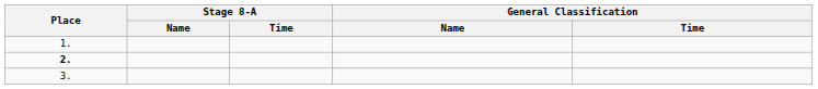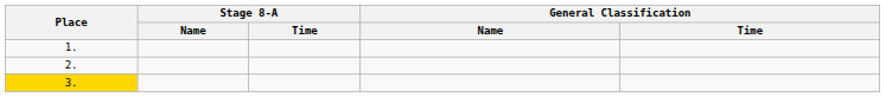 <table class="wikitable"  style="font-size:95%; width:80%;">
 <tr>
 <th rowspan="2">Place</th>
 <th colspan="2">Stage 8-A</th>
 <th colspan="2">General Classification</th>
 </tr>
 <tr>
 <th>Name</th>
 <th>Time</th>
 <th>Name</th>
 <th>Time</th>
 </tr>
 <tr>
 <td style="text-align:center;">1.</td>
 <td></td>
 <td></td>
 <td></td>
 <td></td>
 </tr>
 <tr>
-<td style="text-align:center;"><strong>2.</strong></td>
+<td style="text-align:center;">2.</td>
 <td></td>
 <td></td>
 <td></td>
 <td></td>
 </tr>
 <tr>
-<td style="text-align:center;">3.</td>
+<td style="background: gold; text-align:center;">3.</td>
 <td></td>
 <td></td>
 <td></td>
 <td></td>
 </tr>
 </table>
